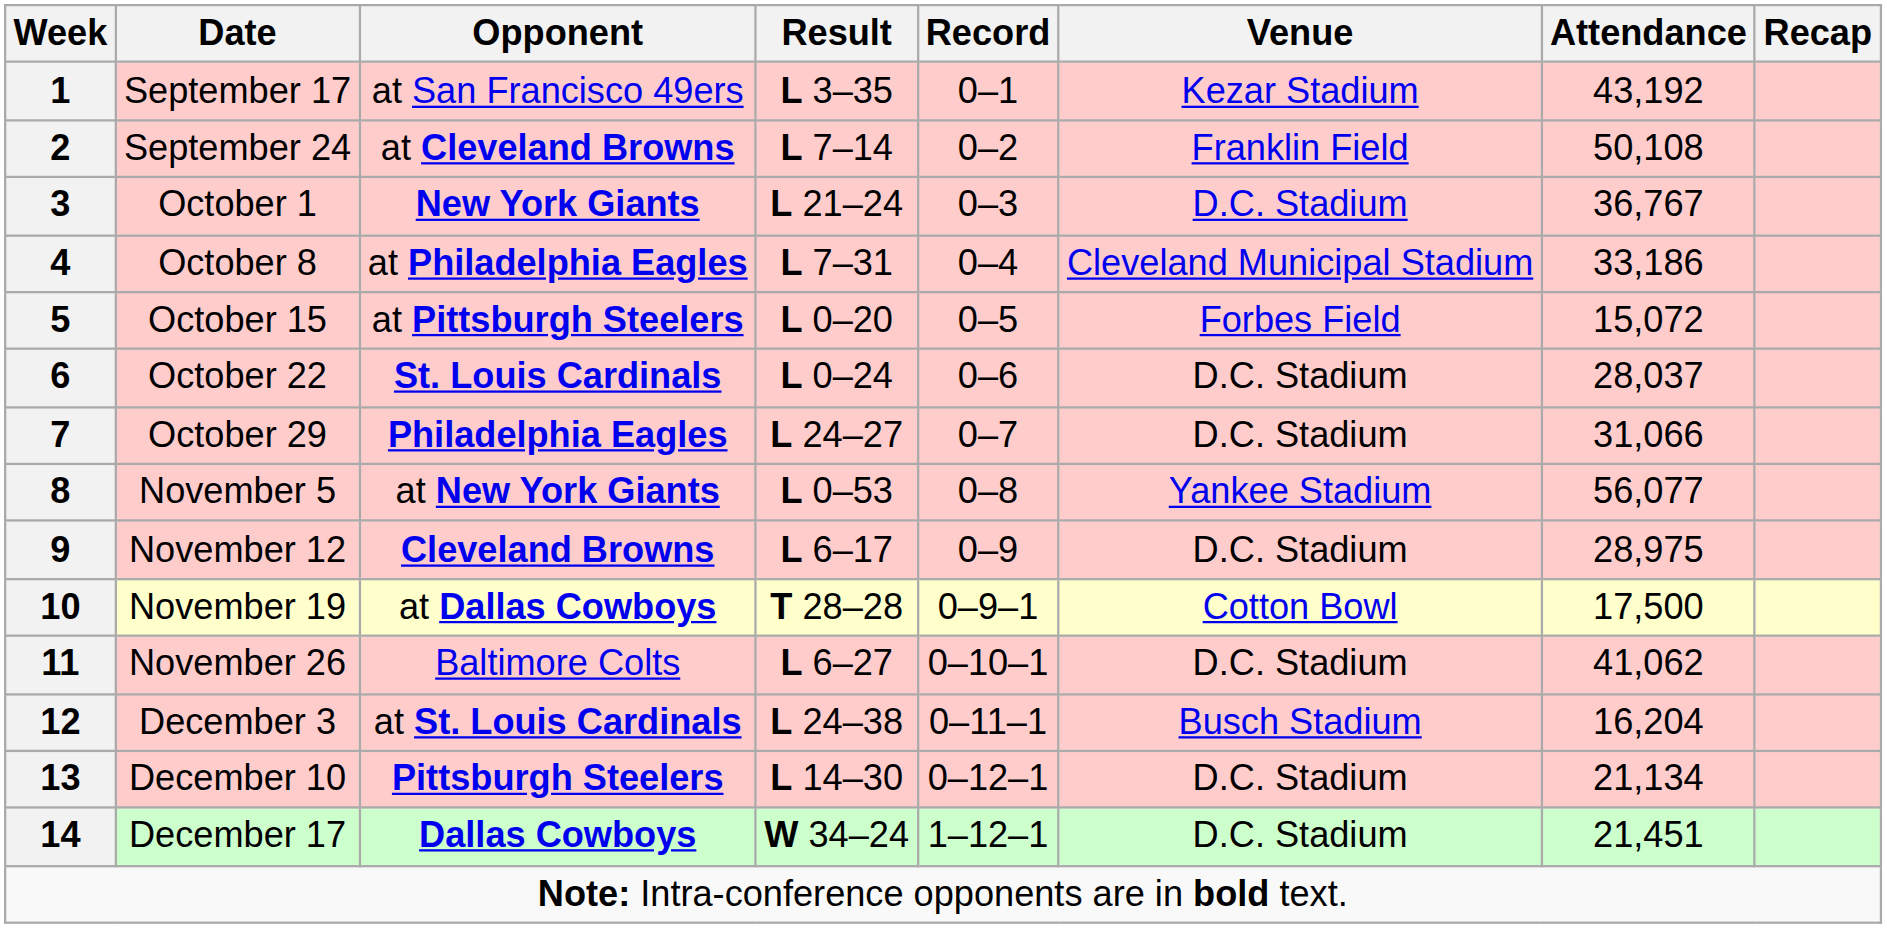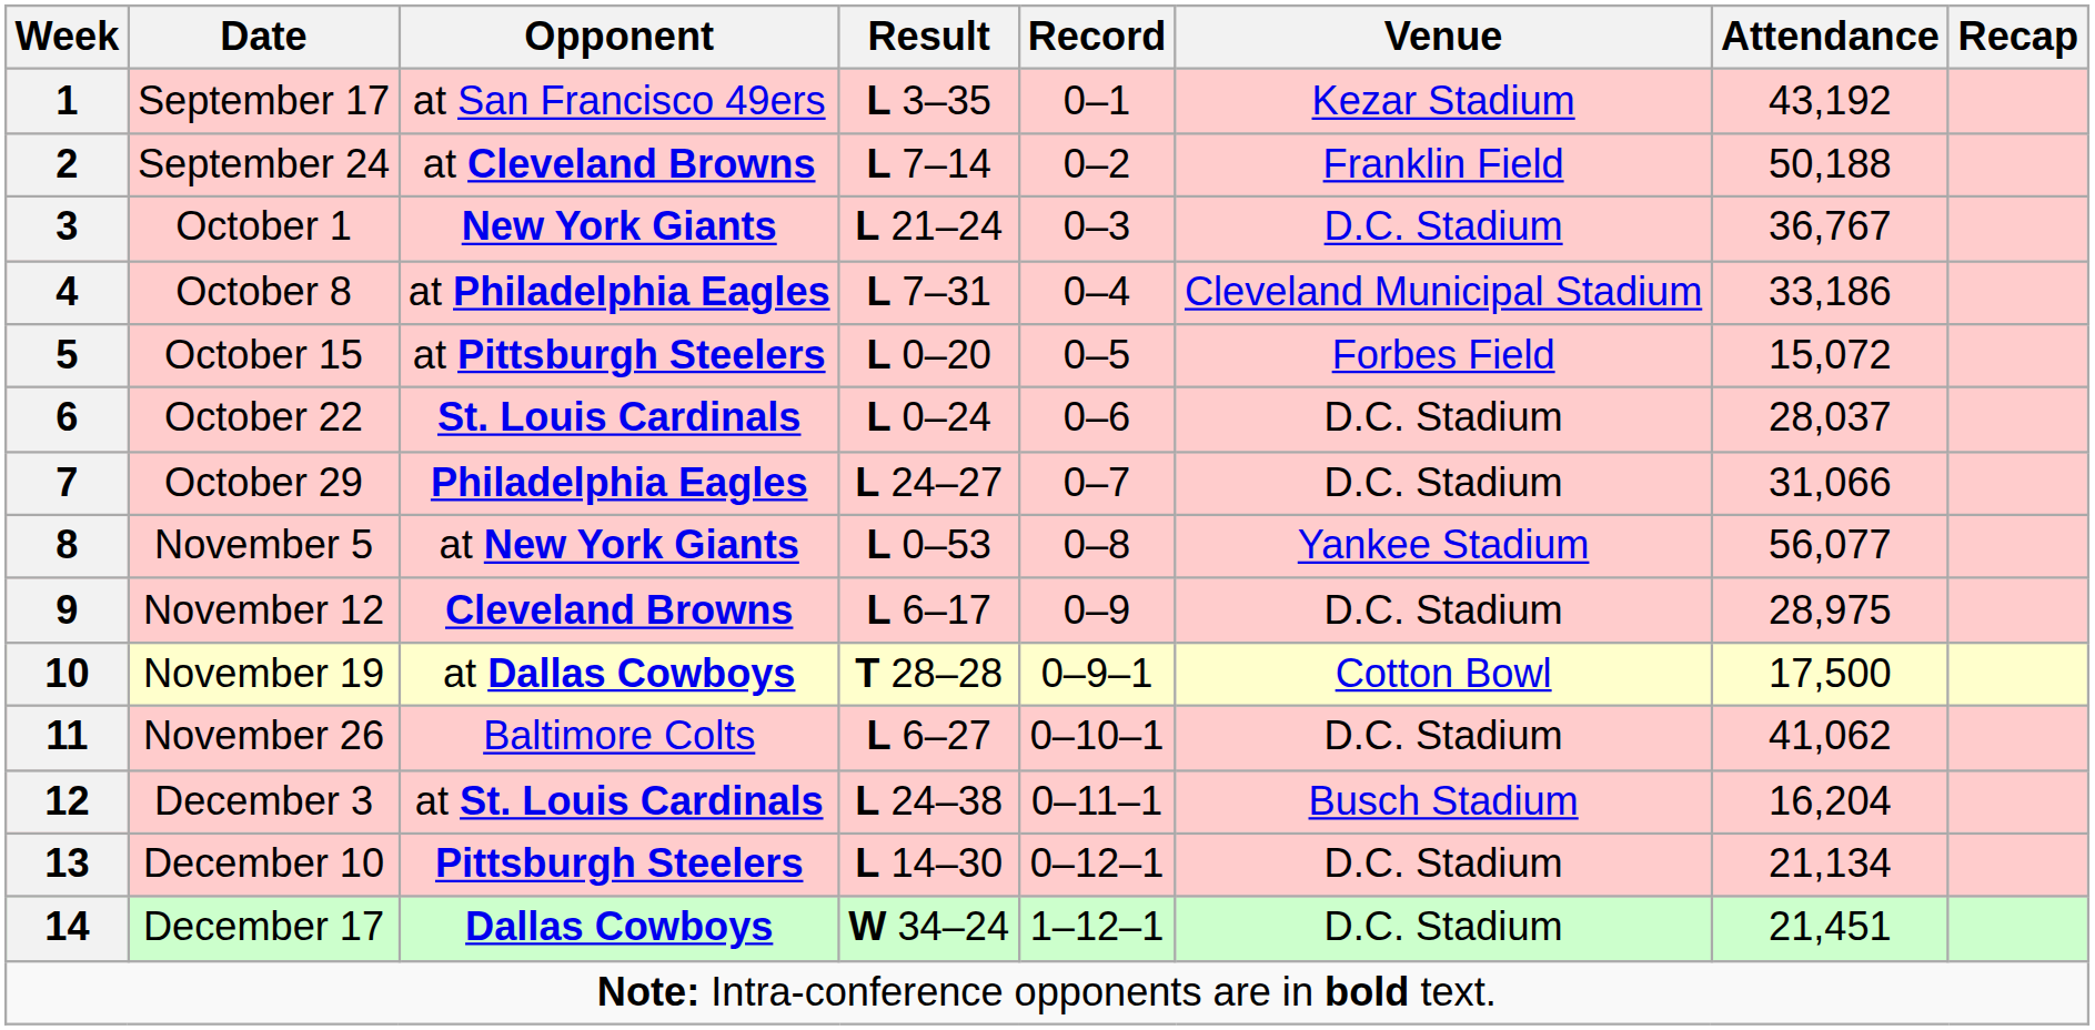 <table class="wikitable" style="text-align:center">
 <tr>
 <th>Week</th>
 <th>Date</th>
 <th>Opponent</th>
 <th>Result</th>
 <th>Record</th>
 <th>Venue</th>
 <th>Attendance</th>
 <th>Recap</th>
 </tr>
 <tr style="background:#fcc">
 <th>1</th>
 <td>September 17</td>
 <td>at <a href='#'>San Francisco 49ers</a></td>
 <td><strong>L</strong> 3–35</td>
 <td>0–1</td>
 <td><a href='#'>Kezar Stadium</a></td>
 <td>43,192</td>
 <td></td>
 </tr>
 <tr style="background:#fcc">
 <th>2</th>
 <td>September 24</td>
 <td>at <strong><a href='#'>Cleveland Browns</a></strong></td>
 <td><strong>L</strong> 7–14</td>
 <td>0–2</td>
 <td><a href='#'>Franklin Field</a></td>
-<td>50,108</td>
+<td>50,188</td>
 <td></td>
 </tr>
 <tr style="background:#fcc">
 <th>3</th>
 <td>October 1</td>
 <td><strong><a href='#'>New York Giants</a></strong></td>
 <td><strong>L</strong> 21–24</td>
 <td>0–3</td>
 <td><a href='#'>D.C. Stadium</a></td>
 <td>36,767</td>
 <td></td>
 </tr>
 <tr style="background:#fcc">
 <th>4</th>
 <td>October 8</td>
 <td>at <strong><a href='#'>Philadelphia Eagles</a></strong></td>
 <td><strong>L</strong> 7–31</td>
 <td>0–4</td>
 <td><a href='#'>Cleveland Municipal Stadium</a></td>
 <td>33,186</td>
 <td></td>
 </tr>
 <tr style="background:#fcc">
 <th>5</th>
 <td>October 15</td>
 <td>at <strong><a href='#'>Pittsburgh Steelers</a></strong></td>
 <td><strong>L</strong> 0–20</td>
 <td>0–5</td>
 <td><a href='#'>Forbes Field</a></td>
 <td>15,072</td>
 <td></td>
 </tr>
 <tr style="background:#fcc">
 <th>6</th>
 <td>October 22</td>
 <td><strong><a href='#'>St. Louis Cardinals</a></strong></td>
 <td><strong>L</strong> 0–24</td>
 <td>0–6</td>
 <td>D.C. Stadium</td>
 <td>28,037</td>
 <td></td>
 </tr>
 <tr style="background:#fcc">
 <th>7</th>
 <td>October 29</td>
 <td><strong><a href='#'>Philadelphia Eagles</a></strong></td>
 <td><strong>L</strong> 24–27</td>
 <td>0–7</td>
 <td>D.C. Stadium</td>
 <td>31,066</td>
 <td></td>
 </tr>
 <tr style="background:#fcc">
 <th>8</th>
 <td>November 5</td>
 <td>at <strong><a href='#'>New York Giants</a></strong></td>
 <td><strong>L</strong> 0–53</td>
 <td>0–8</td>
 <td><a href='#'>Yankee Stadium</a></td>
 <td>56,077</td>
 <td></td>
 </tr>
 <tr style="background:#fcc">
 <th>9</th>
 <td>November 12</td>
 <td><strong><a href='#'>Cleveland Browns</a></strong></td>
 <td><strong>L</strong> 6–17</td>
 <td>0–9</td>
 <td>D.C. Stadium</td>
 <td>28,975</td>
 <td></td>
 </tr>
 <tr style="background:#ffc">
 <th>10</th>
 <td>November 19</td>
 <td>at <strong><a href='#'>Dallas Cowboys</a></strong></td>
 <td><strong>T</strong> 28–28</td>
 <td>0–9–1</td>
 <td><a href='#'>Cotton Bowl</a></td>
 <td>17,500</td>
 <td></td>
 </tr>
 <tr style="background:#fcc">
 <th>11</th>
 <td>November 26</td>
 <td><a href='#'>Baltimore Colts</a></td>
 <td><strong>L</strong> 6–27</td>
 <td>0–10–1</td>
 <td>D.C. Stadium</td>
 <td>41,062</td>
 <td></td>
 </tr>
 <tr style="background:#fcc">
 <th>12</th>
 <td>December 3</td>
 <td>at <strong><a href='#'>St. Louis Cardinals</a></strong></td>
 <td><strong>L</strong> 24–38</td>
 <td>0–11–1</td>
 <td><a href='#'>Busch Stadium</a></td>
 <td>16,204</td>
 <td></td>
 </tr>
 <tr style="background:#fcc">
 <th>13</th>
 <td>December 10</td>
 <td><strong><a href='#'>Pittsburgh Steelers</a></strong></td>
 <td><strong>L</strong> 14–30</td>
 <td>0–12–1</td>
 <td>D.C. Stadium</td>
 <td>21,134</td>
 <td></td>
 </tr>
 <tr style="background:#cfc">
 <th>14</th>
 <td>December 17</td>
 <td><strong><a href='#'>Dallas Cowboys</a></strong></td>
 <td><strong>W</strong> 34–24</td>
 <td>1–12–1</td>
 <td>D.C. Stadium</td>
 <td>21,451</td>
 <td></td>
 </tr>
 <tr>
 <td colspan="8"><strong>Note:</strong> Intra-conference opponents are in <strong>bold</strong> text.</td>
 </tr>
 </table>
